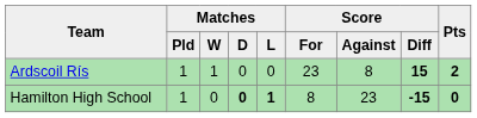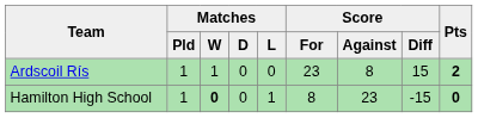 <table style=border-collapse:collapse border=1 cellspacing=0 cellpadding=5>
 <tr align=center bgcolor=#efefef>
 <th rowspan=2 width=165>Team</th>
 <th colspan=4>Matches</th>
 <th colspan=3>Score</th>
 <th rowspan=2width=20>Pts</th>
 </tr>
 <tr align=center bgcolor=#efefef>
 <th width=20>Pld</th>
 <th width=20>W</th>
 <th width=20>D</th>
 <th width=20>L</th>
 <th width=45>For</th>
 <th width=45>Against</th>
 <th width=30>Diff</th>
 </tr>
 <tr align=center style="background:#ACE1AF;">
 <td style="text-align:left;"><a href='#'>Ardscoil Rís</a></td>
 <td>1</td>
 <td>1</td>
 <td>0</td>
 <td>0</td>
 <td>23</td>
 <td>8</td>
-<td><strong>15</strong></td>
+<td>15</td>
 <td><strong>2</strong></td>
 </tr>
 <tr align=center style="background:#ACE1AF;">
 <td style="text-align:left;">Hamilton High School</td>
 <td>1</td>
+<td><strong>0</strong></td>
 <td>0</td>
-<td><strong>0</strong></td>
-<td><strong>1</strong></td>
+<td>1</td>
 <td>8</td>
 <td>23</td>
-<td><strong>-15</strong></td>
+<td>-15</td>
 <td><strong>0</strong></td>
 </tr>
 </table>
